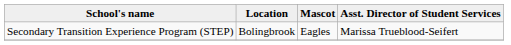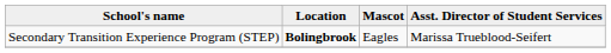 <table class="wikitable">
 <tr>
 <th style="background:#efefef;">School's name</th>
 <th style="background:#efefef;">Location</th>
 <th style="background:#efefef;">Mascot</th>
 <th style="background:#efefef;">Asst. Director of Student Services</th>
 </tr>
 <tr>
 <td>Secondary Transition Experience Program (STEP)</td>
-<td>Bolingbrook</td>
+<td><strong>Bolingbrook</strong></td>
 <td>Eagles</td>
 <td>Marissa Trueblood-Seifert</td>
 </tr>
 <tr>
 </tr>
 </table>
